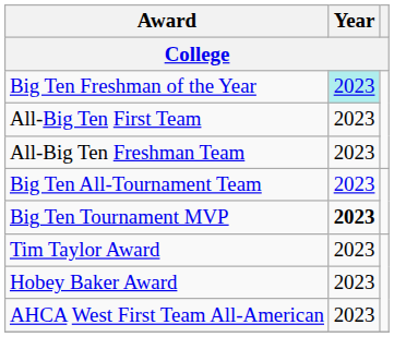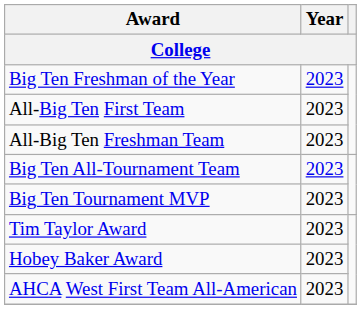 <table class="wikitable">
 <tr>
 <th>Award</th>
 <th>Year</th>
 <th></th>
 </tr>
 <tr>
 <th colspan="3"><a href='#'>College</a></th>
 </tr>
 <tr>
 <td><a href='#'>Big Ten Freshman of the Year</a></td>
-<td style="background: paleturquoise;"><a href='#'>2023</a></td>
+<td><a href='#'>2023</a></td>
 <td rowspan="3"></td>
 </tr>
 <tr>
 <td>All-<a href='#'>Big Ten</a> <a href='#'>First Team</a></td>
 <td>2023</td>
 </tr>
 <tr>
 <td>All-Big Ten <a href='#'>Freshman Team</a></td>
 <td>2023</td>
 </tr>
 <tr>
 <td><a href='#'>Big Ten All-Tournament Team</a></td>
 <td><a href='#'>2023</a></td>
 <td rowspan="2"></td>
 </tr>
 <tr>
 <td><a href='#'>Big Ten Tournament MVP</a></td>
-<td><strong>2023</strong></td>
+<td>2023</td>
 </tr>
 <tr>
 <td><a href='#'>Tim Taylor Award</a></td>
 <td>2023</td>
 <td rowspan="3"></td>
 </tr>
 <tr>
 <td><a href='#'>Hobey Baker Award</a></td>
 <td>2023</td>
 </tr>
 <tr>
 <td><a href='#'>AHCA</a> <a href='#'>West First Team All-American</a></td>
 <td>2023</td>
 </tr>
 <tr>
 </tr>
 </table>
